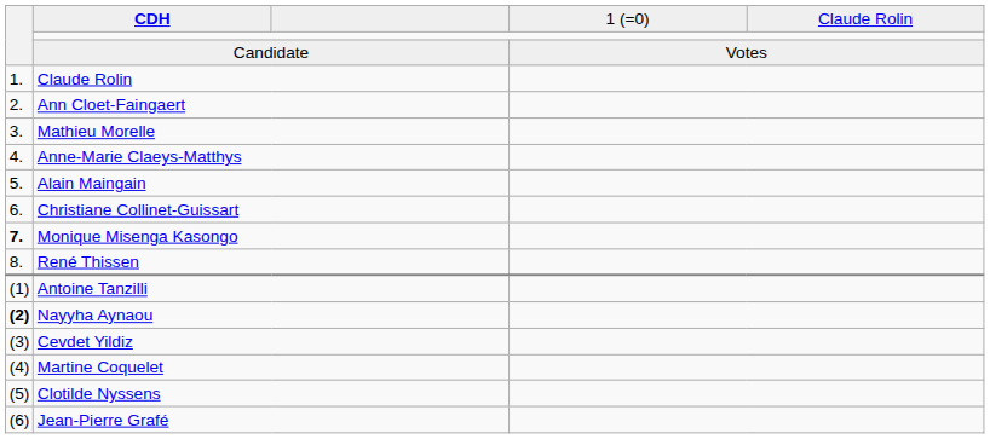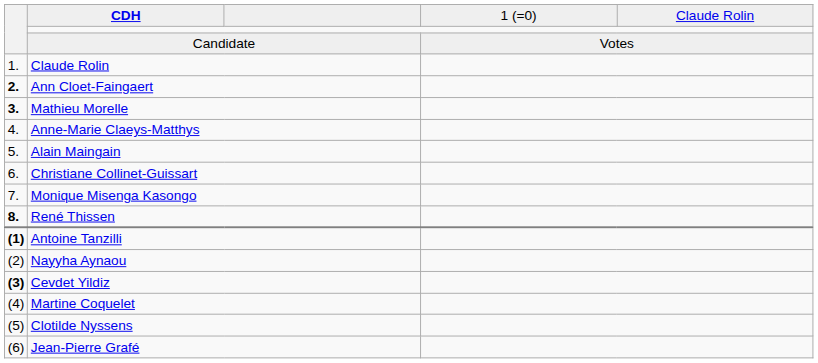 <table class="wikitable collapsible collapsed" style=text-align:left;font-size:90%>
 <tr>
 <th rowspan=3></th>
 <td bgcolor=efefef width=200 align=center><strong> <a href='#'>CDH</a> </strong></td>
 <td bgcolor=efefef width=200 align=center></td>
 <td bgcolor=efefef width=200 align=center>1 (=0)</td>
 <td bgcolor=efefef width=200 align=center><a href='#'>Claude Rolin</a></td>
 </tr>
 <tr>
 <td colspan=4 bgcolor=></td>
 </tr>
 <tr>
 <td bgcolor=efefef align=center colspan=2>Candidate</td>
 <td bgcolor=efefef align=center colspan=2>Votes</td>
 </tr>
 <tr>
 <td>1.</td>
 <td colspan=2><a href='#'>Claude Rolin</a></td>
 <td colspan=2></td>
 </tr>
 <tr>
-<td>2.</td>
+<td><strong>2.</strong></td>
 <td colspan=2><a href='#'>Ann Cloet-Faingaert</a></td>
 <td colspan=2></td>
 </tr>
 <tr>
-<td>3.</td>
+<td><strong>3.</strong></td>
 <td colspan=2><a href='#'>Mathieu Morelle</a></td>
 <td colspan=2></td>
 </tr>
 <tr>
 <td>4.</td>
 <td colspan=2><a href='#'>Anne‐Marie Claeys-Matthys</a></td>
 <td colspan=2></td>
 </tr>
 <tr>
 <td>5.</td>
 <td colspan=2><a href='#'>Alain Maingain</a></td>
 <td colspan=2></td>
 </tr>
 <tr>
 <td>6.</td>
 <td colspan=2><a href='#'>Christiane Collinet-Guissart</a></td>
 <td colspan=2></td>
 </tr>
 <tr>
-<td><strong>7.</strong></td>
+<td>7.</td>
 <td colspan=2><a href='#'>Monique Misenga Kasongo</a></td>
 <td colspan=2></td>
 </tr>
 <tr>
-<td>8.</td>
+<td><strong>8.</strong></td>
 <td colspan=2><a href='#'>René Thissen</a></td>
 <td colspan=2></td>
 </tr>
 <tr style="border-top:2px solid gray;">
-<td>(1)</td>
+<td><strong>(1)</strong></td>
 <td colspan=2><a href='#'>Antoine Tanzilli</a></td>
 <td colspan=2></td>
 </tr>
 <tr>
-<td><strong>(2)</strong></td>
+<td>(2)</td>
 <td colspan=2><a href='#'>Nayyha Aynaou</a></td>
 <td colspan=2></td>
 </tr>
 <tr>
-<td>(3)</td>
+<td><strong>(3)</strong></td>
 <td colspan=2><a href='#'>Cevdet Yildiz</a></td>
 <td colspan=2></td>
 </tr>
 <tr>
 <td>(4)</td>
 <td colspan=2><a href='#'>Martine Coquelet</a></td>
 <td colspan=2></td>
 </tr>
 <tr>
 <td>(5)</td>
 <td colspan=2><a href='#'>Clotilde Nyssens</a></td>
 <td colspan=2></td>
 </tr>
 <tr>
 <td>(6)</td>
 <td colspan=2><a href='#'>Jean‐Pierre Grafé</a></td>
 <td colspan=2></td>
 </tr>
 </table>
